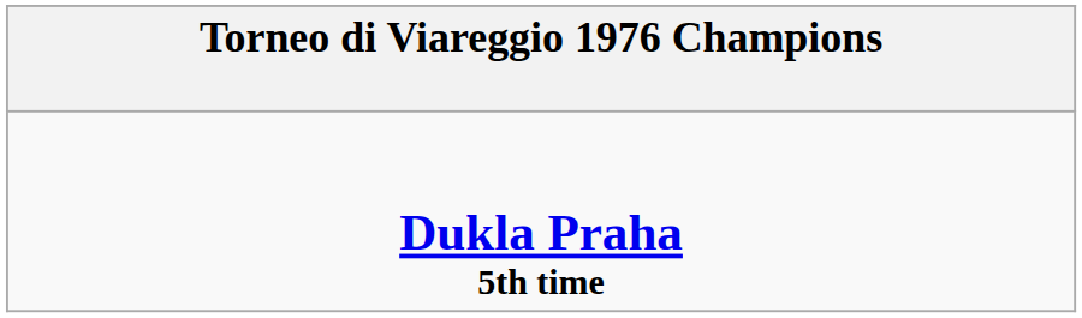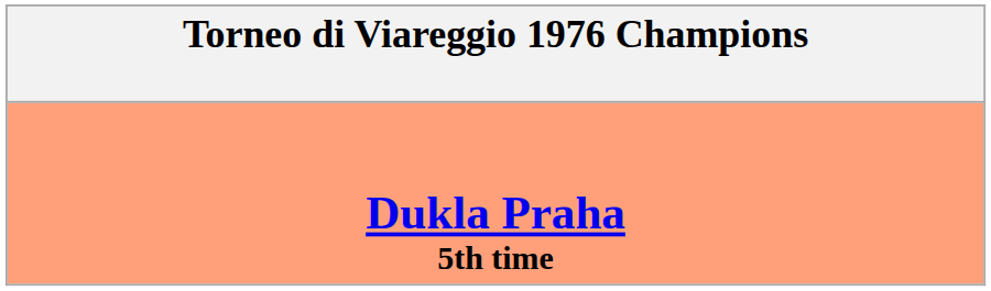 <table class="wikitable" style="margin: 0 auto; width: 30%;">
 <tr>
 <th><big>Torneo di Viareggio 1976 Champions</big><br><br></th>
 </tr>
 <tr>
-<td align=center><br><br><big><big><strong><a href='#'>Dukla Praha</a></strong><br></big></big><strong>5th time</strong></td>
+<td align=center style="background: lightsalmon;"><br><br><big><big><strong><a href='#'>Dukla Praha</a></strong><br></big></big><strong>5th time</strong></td>
 </tr>
 </table>
